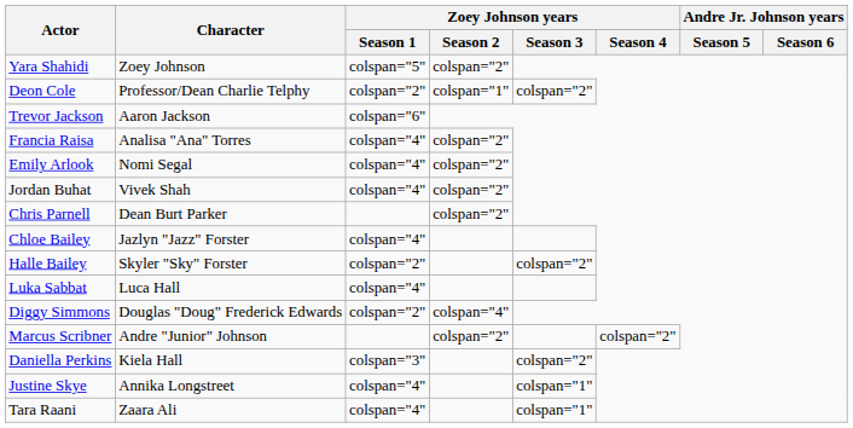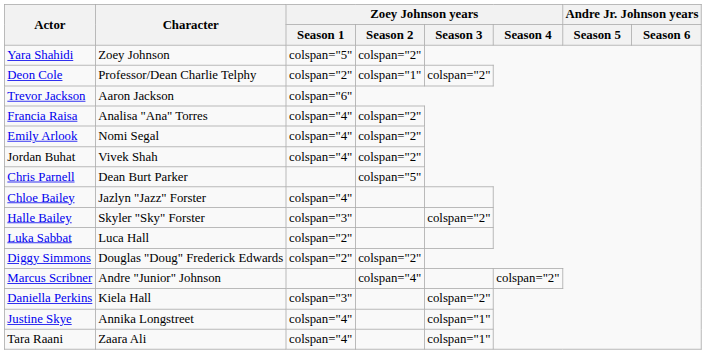 <table class="wikitable">
 <tr>
 <th rowspan="2">Actor</th>
 <th rowspan="2">Character</th>
 <th colspan="4">Zoey Johnson years</th>
 <th colspan="2">Andre Jr. Johnson years</th>
 </tr>
 <tr>
 <th>Season 1</th>
 <th>Season 2</th>
 <th>Season 3</th>
 <th>Season 4</th>
 <th>Season 5</th>
 <th>Season 6</th>
 </tr>
 <tr>
 <td><a href='#'>Yara Shahidi</a></td>
 <td>Zoey Johnson</td>
 <td>colspan="5" </td>
 <td>colspan="2" </td>
 </tr>
 <tr>
 <td><a href='#'>Deon Cole</a></td>
 <td>Professor/Dean Charlie Telphy</td>
 <td>colspan="2" </td>
 <td>colspan="1" </td>
 <td>colspan="2" </td>
 </tr>
 <tr>
 <td><a href='#'>Trevor Jackson</a></td>
 <td>Aaron Jackson</td>
 <td>colspan="6" </td>
 </tr>
 <tr>
 <td><a href='#'>Francia Raisa</a></td>
 <td>Analisa "Ana" Torres</td>
 <td>colspan="4" </td>
 <td>colspan="2" </td>
 </tr>
 <tr>
 <td><a href='#'>Emily Arlook</a></td>
 <td>Nomi Segal</td>
 <td>colspan="4" </td>
 <td>colspan="2" </td>
 </tr>
 <tr>
 <td>Jordan Buhat</td>
 <td>Vivek Shah</td>
 <td>colspan="4" </td>
 <td>colspan="2" </td>
 </tr>
 <tr>
 <td><a href='#'>Chris Parnell</a></td>
 <td>Dean Burt Parker</td>
 <td></td>
-<td>colspan="2" </td>
+<td>colspan="5" </td>
 </tr>
 <tr>
 <td><a href='#'>Chloe Bailey</a></td>
 <td>Jazlyn "Jazz" Forster</td>
 <td>colspan="4" </td>
 <td></td>
 <td></td>
 </tr>
 <tr>
 <td><a href='#'>Halle Bailey</a></td>
 <td>Skyler "Sky" Forster</td>
-<td>colspan="2" </td>
+<td>colspan="3" </td>
 <td></td>
 <td>colspan="2" </td>
 </tr>
 <tr>
 <td><a href='#'>Luka Sabbat</a></td>
 <td>Luca Hall</td>
-<td>colspan="4" </td>
+<td>colspan="2" </td>
 <td></td>
 <td></td>
 </tr>
 <tr>
 <td><a href='#'>Diggy Simmons</a></td>
 <td>Douglas "Doug" Frederick Edwards</td>
 <td>colspan="2" </td>
-<td>colspan="4" </td>
+<td>colspan="2" </td>
 </tr>
 <tr>
 <td><a href='#'>Marcus Scribner</a></td>
 <td>Andre "Junior" Johnson</td>
 <td></td>
-<td>colspan="2" </td>
+<td>colspan="4" </td>
 <td></td>
 <td>colspan="2" </td>
 </tr>
 <tr>
 <td><a href='#'>Daniella Perkins</a></td>
 <td>Kiela Hall</td>
 <td>colspan="3" </td>
 <td></td>
 <td>colspan="2" </td>
 </tr>
 <tr>
 <td><a href='#'>Justine Skye</a></td>
 <td>Annika Longstreet</td>
 <td>colspan="4" </td>
 <td></td>
 <td>colspan="1" </td>
 </tr>
 <tr>
 <td>Tara Raani</td>
 <td>Zaara Ali</td>
 <td>colspan="4" </td>
 <td></td>
 <td>colspan="1" </td>
 </tr>
 </table>
